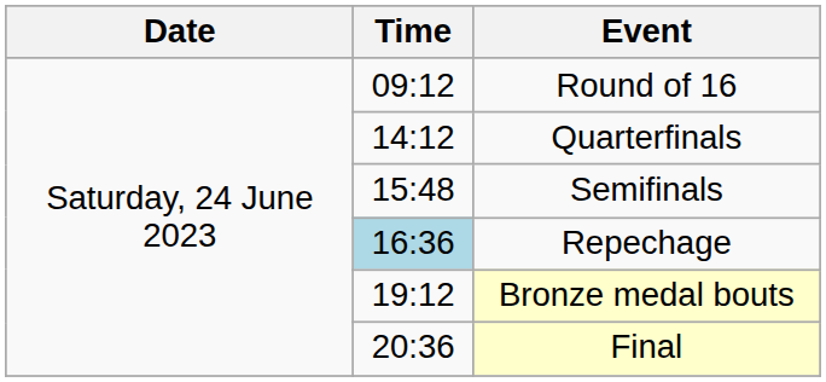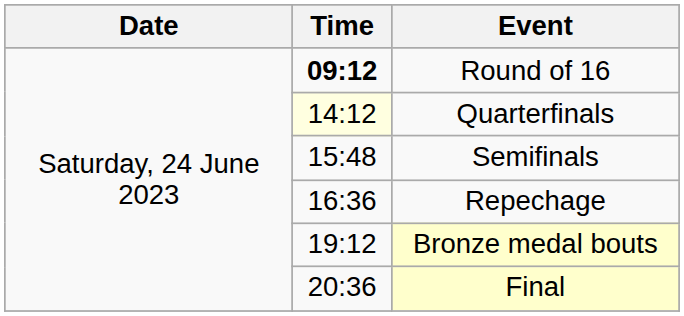 <table class = "wikitable" style="text-align:center;">
 <tr>
 <th width=160>Date</th>
 <th width=50>Time</th>
 <th width=160>Event</th>
 </tr>
 <tr>
 <td rowspan=6>Saturday, 24 June 2023</td>
-<td>09:12</td>
+<td><strong>09:12</strong></td>
 <td>Round of 16</td>
 </tr>
 <tr>
-<td>14:12</td>
+<td style="background: lightyellow;">14:12</td>
 <td>Quarterfinals</td>
 </tr>
 <tr>
 <td>15:48</td>
 <td>Semifinals</td>
 </tr>
 <tr>
-<td style="background: lightblue;">16:36</td>
+<td>16:36</td>
 <td>Repechage</td>
 </tr>
 <tr>
 <td>19:12</td>
 <td bgcolor=ffffcc>Bronze medal bouts</td>
 </tr>
 <tr>
 <td>20:36</td>
 <td bgcolor=ffffcc>Final</td>
 </tr>
 </table>
